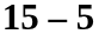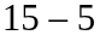 <table style="text-align:center">
 <tr>
 <th width=200></th>
 <th width=100></th>
 <th width=200></th>
 </tr>
 <tr>
 <td align=right><strong></strong></td>
-<td><strong>15 – 5</strong></td>
+<td>15 – 5</td>
 <td align=left></td>
 </tr>
 </table>
